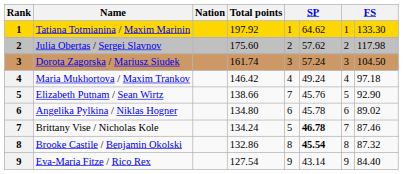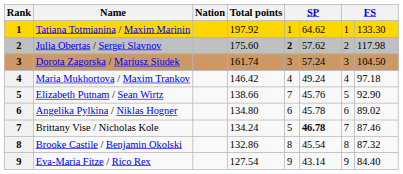 <table class="wikitable">
 <tr>
 <th>Rank</th>
 <th>Name</th>
 <th>Nation</th>
 <th>Total points</th>
 <th colspan="2" width="80px"><a href='#'>SP</a></th>
 <th colspan="2" width="80px"><a href='#'>FS</a></th>
 </tr>
 <tr bgcolor="gold">
 <td align="center"><strong>1</strong></td>
 <td><a href='#'>Tatiana Totmianina</a> / <a href='#'>Maxim Marinin</a></td>
 <td></td>
 <td>197.92</td>
 <td>1</td>
 <td>64.62</td>
 <td>1</td>
 <td>133.30</td>
 </tr>
 <tr bgcolor="silver">
 <td align="center"><strong>2</strong></td>
 <td><a href='#'>Julia Obertas</a> / <a href='#'>Sergei Slavnov</a></td>
 <td></td>
 <td>175.60</td>
-<td>2</td>
+<td><strong>2</strong></td>
 <td>57.62</td>
 <td>2</td>
 <td>117.98</td>
 </tr>
 <tr bgcolor="cc9966">
 <td align="center"><strong>3</strong></td>
 <td><a href='#'>Dorota Zagorska</a> / <a href='#'>Mariusz Siudek</a></td>
 <td></td>
 <td>161.74</td>
 <td>3</td>
 <td>57.24</td>
 <td>3</td>
 <td>104.50</td>
 </tr>
 <tr>
 <th>4</th>
 <td><a href='#'>Maria Mukhortova</a> / <a href='#'>Maxim Trankov</a></td>
 <td></td>
 <td>146.42</td>
 <td>4</td>
 <td>49.24</td>
 <td>4</td>
 <td>97.18</td>
 </tr>
 <tr>
 <th>5</th>
 <td><a href='#'>Elizabeth Putnam</a> / <a href='#'>Sean Wirtz</a></td>
 <td></td>
 <td>138.66</td>
 <td>7</td>
 <td>45.76</td>
 <td>5</td>
 <td>92.90</td>
 </tr>
 <tr>
 <th>6</th>
 <td><a href='#'>Angelika Pylkina</a> / <a href='#'>Niklas Hogner</a></td>
 <td></td>
 <td>134.80</td>
 <td>6</td>
 <td>45.78</td>
 <td>6</td>
 <td>89.02</td>
 </tr>
 <tr>
 <th>7</th>
 <td>Brittany Vise / Nicholas Kole</td>
 <td></td>
 <td>134.24</td>
 <td>5</td>
 <td><strong>46.78</strong></td>
 <td>7</td>
 <td>87.46</td>
 </tr>
 <tr>
 <th>8</th>
 <td><a href='#'>Brooke Castile</a> / <a href='#'>Benjamin Okolski</a></td>
 <td></td>
 <td>132.86</td>
 <td>8</td>
-<td><strong>45.54</strong></td>
+<td>45.54</td>
 <td>8</td>
 <td>87.32</td>
 </tr>
 <tr>
 <th>9</th>
 <td><a href='#'>Eva-Maria Fitze</a> / <a href='#'>Rico Rex</a></td>
 <td></td>
 <td>127.54</td>
 <td>9</td>
 <td>43.14</td>
 <td>9</td>
 <td>84.40</td>
 </tr>
 </table>
